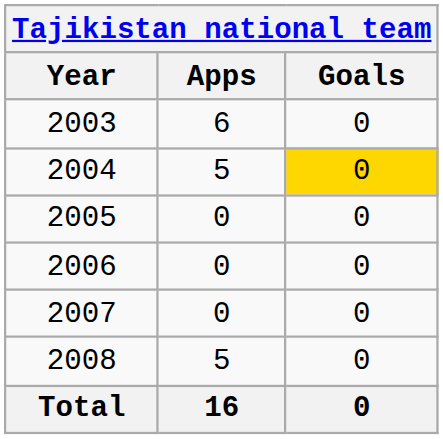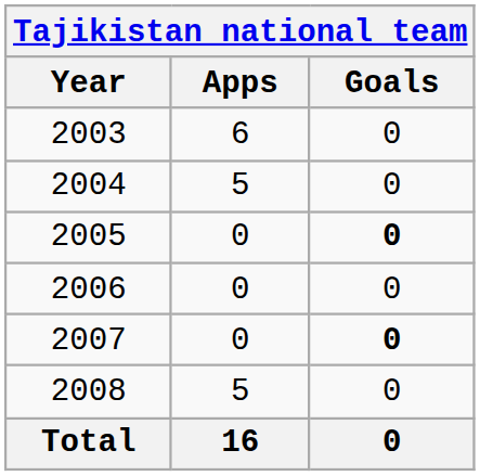 <table class="wikitable" style="text-align:center">
 <tr>
 <th colspan=3><a href='#'>Tajikistan national team</a></th>
 </tr>
 <tr>
 <th>Year</th>
 <th>Apps</th>
 <th>Goals</th>
 </tr>
 <tr>
 <td>2003</td>
 <td>6</td>
 <td>0</td>
 </tr>
 <tr>
 <td>2004</td>
 <td>5</td>
-<td style="background: gold;">0</td>
+<td>0</td>
 </tr>
 <tr>
 <td>2005</td>
 <td>0</td>
-<td>0</td>
+<td><strong>0</strong></td>
 </tr>
 <tr>
 <td>2006</td>
 <td>0</td>
 <td>0</td>
 </tr>
 <tr>
 <td>2007</td>
 <td>0</td>
-<td>0</td>
+<td><strong>0</strong></td>
 </tr>
 <tr>
 <td>2008</td>
 <td>5</td>
 <td>0</td>
 </tr>
 <tr>
 <th>Total</th>
 <th>16</th>
 <th>0</th>
 </tr>
 </table>
